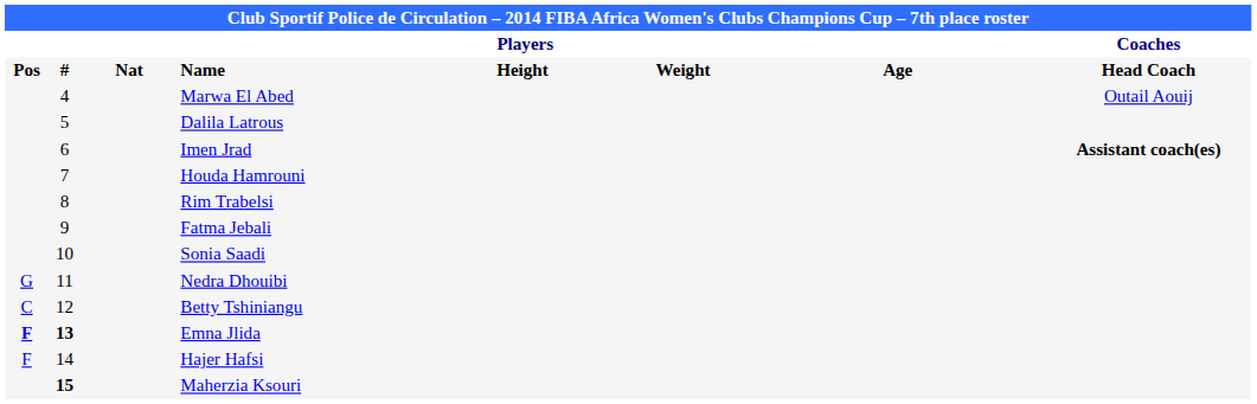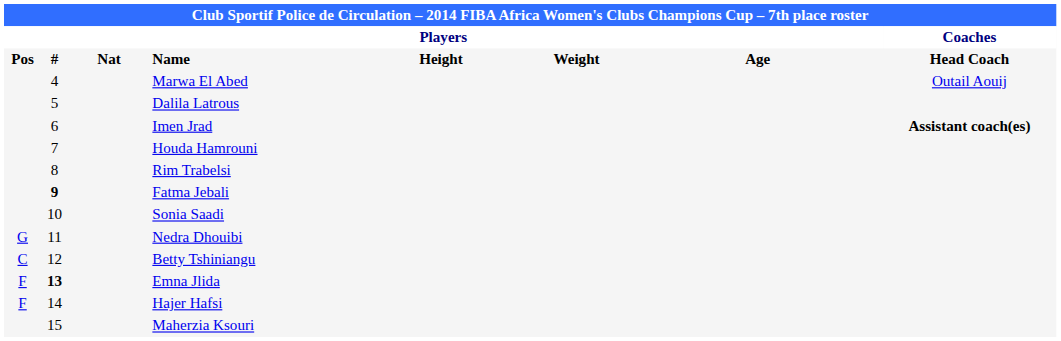 <table border=0 cellpadding=2 cellspacing=0  |- bgcolor=#f5f5f5 style="text-align:center; font-size:85%;" width=75%>
 <tr>
 <td colspan="8" style="background: #306eff; color: white"><strong>Club Sportif Police de Circulation – 2014 FIBA Africa Women's Clubs Champions Cup – 7th place roster</strong></td>
 </tr>
 <tr>
 <td colspan="7" style="background: white; color: navy"><strong>Players</strong></td>
 <td style="background: white; color: navy"><strong>Coaches</strong></td>
 </tr>
 <tr style="background=#f5f5f5; color: black">
 <th width=5px>Pos</th>
 <th width=5px>#</th>
 <th width=50px>Nat</th>
 <th width=135px align=left>Name</th>
 <th width=100px>Height</th>
 <th width=70px>Weight</th>
 <th width=160px>Age</th>
 <th width=110px>Head Coach</th>
 </tr>
 <tr>
 <td></td>
 <td>4</td>
 <td></td>
 <td align=left><a href='#'>Marwa El Abed</a></td>
 <td></td>
 <td></td>
 <td><span></span></td>
 <td> <a href='#'>Outail Aouij</a></td>
 </tr>
 <tr>
 <td></td>
 <td>5</td>
 <td></td>
 <td align=left><a href='#'>Dalila Latrous</a></td>
 <td></td>
 <td></td>
 <td><span></span></td>
 </tr>
 <tr>
 <td></td>
 <td>6</td>
 <td></td>
 <td align=left><a href='#'>Imen Jrad</a></td>
 <td></td>
 <td></td>
 <td><span></span></td>
 <td><strong>Assistant coach(es)</strong></td>
 </tr>
 <tr>
 <td></td>
 <td>7</td>
 <td></td>
 <td align=left><a href='#'>Houda Hamrouni</a></td>
 <td></td>
 <td></td>
 <td><span></span></td>
 </tr>
 <tr>
 <td></td>
 <td>8</td>
 <td></td>
 <td align=left><a href='#'>Rim Trabelsi</a></td>
 <td></td>
 <td></td>
 <td><span></span></td>
 </tr>
 <tr>
 <td></td>
-<td>9</td>
+<td><strong>9</strong></td>
 <td></td>
 <td align=left><a href='#'>Fatma Jebali</a></td>
 <td></td>
 <td></td>
 <td><span></span></td>
 </tr>
 <tr>
 <td></td>
 <td>10</td>
 <td></td>
 <td align=left><a href='#'>Sonia Saadi</a></td>
 <td></td>
 <td></td>
 <td><span></span></td>
 </tr>
 <tr>
 <td><a href='#'>G</a></td>
 <td>11</td>
 <td></td>
 <td align=left><a href='#'>Nedra Dhouibi</a></td>
 <td><span></span></td>
 <td></td>
 <td><span></span></td>
 </tr>
 <tr>
 <td><a href='#'>C</a></td>
 <td>12</td>
 <td></td>
 <td align=left><a href='#'>Betty Tshiniangu</a></td>
 <td><span></span></td>
 <td></td>
 <td><span></span></td>
 </tr>
 <tr>
-<td><strong><a href='#'>F</a></strong></td>
+<td><a href='#'>F</a></td>
 <td><strong>13</strong></td>
 <td></td>
 <td align=left><a href='#'>Emna Jlida</a></td>
 <td><span></span></td>
 <td></td>
 <td><span></span></td>
 </tr>
 <tr>
 <td><a href='#'>F</a></td>
 <td>14</td>
 <td></td>
 <td align=left><a href='#'>Hajer Hafsi</a></td>
 <td><span></span></td>
 <td></td>
 <td><span></span></td>
 </tr>
 <tr>
 <td></td>
-<td><strong>15</strong></td>
+<td>15</td>
 <td></td>
 <td align=left><a href='#'>Maherzia Ksouri</a></td>
 <td></td>
 <td></td>
 <td><span></span></td>
 </tr>
 </table>
